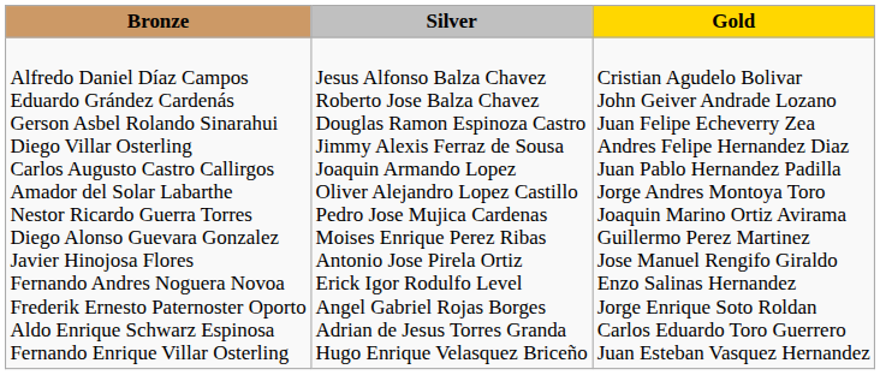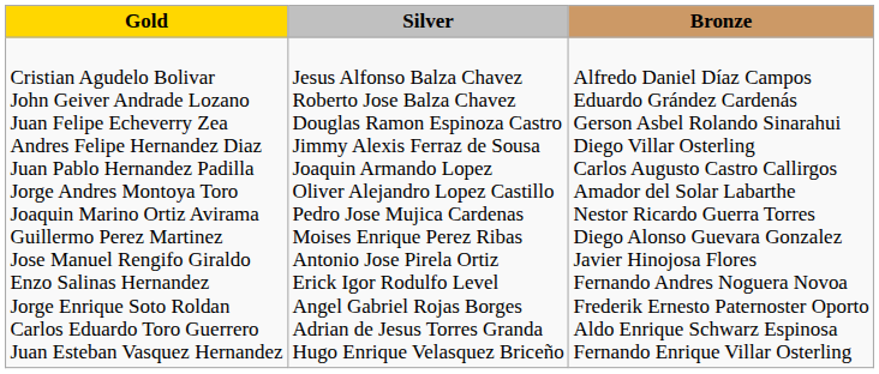 <table class="wikitable">
 <tr style="text-align:center;">
+<td style="background:gold;"><strong>Gold</strong></td>
+<td style="background:silver;"><strong>Silver</strong></td>
 <td style="background:#c96;"><strong>Bronze</strong></td>
-<td style="background:silver;"><strong>Silver</strong></td>
-<td style="background:gold;"><strong>Gold</strong></td>
 </tr>
 <tr valign="top">
+<td><br>Cristian Agudelo Bolivar<br>John Geiver Andrade Lozano<br>Juan Felipe Echeverry Zea<br>Andres Felipe Hernandez Diaz<br>Juan Pablo Hernandez Padilla<br>Jorge Andres Montoya Toro<br>Joaquin Marino Ortiz Avirama<br>Guillermo Perez Martinez<br>Jose Manuel Rengifo Giraldo<br>Enzo Salinas Hernandez<br>Jorge Enrique Soto Roldan<br>Carlos Eduardo Toro Guerrero<br>Juan Esteban Vasquez Hernandez</td>
+<td><br>Jesus Alfonso Balza Chavez<br>Roberto Jose Balza Chavez<br>Douglas Ramon Espinoza Castro<br>Jimmy Alexis Ferraz de Sousa<br>Joaquin Armando Lopez<br>Oliver Alejandro Lopez Castillo<br>Pedro Jose Mujica Cardenas<br>Moises Enrique Perez Ribas<br>Antonio Jose Pirela Ortiz<br>Erick Igor Rodulfo Level<br>Angel Gabriel Rojas Borges<br>Adrian de Jesus Torres Granda<br>Hugo Enrique Velasquez Briceño</td>
 <td><br>Alfredo Daniel Díaz Campos<br>Eduardo Grández Cardenás<br>Gerson Asbel Rolando Sinarahui<br>Diego Villar Osterling<br>Carlos Augusto Castro Callirgos<br>Amador del Solar Labarthe<br>Nestor Ricardo Guerra Torres<br>Diego Alonso Guevara Gonzalez<br>Javier Hinojosa Flores<br>Fernando Andres Noguera Novoa<br>Frederik Ernesto Paternoster Oporto<br>Aldo Enrique Schwarz Espinosa<br>Fernando Enrique Villar Osterling</td>
-<td><br>Jesus Alfonso Balza Chavez<br>Roberto Jose Balza Chavez<br>Douglas Ramon Espinoza Castro<br>Jimmy Alexis Ferraz de Sousa<br>Joaquin Armando Lopez<br>Oliver Alejandro Lopez Castillo<br>Pedro Jose Mujica Cardenas<br>Moises Enrique Perez Ribas<br>Antonio Jose Pirela Ortiz<br>Erick Igor Rodulfo Level<br>Angel Gabriel Rojas Borges<br>Adrian de Jesus Torres Granda<br>Hugo Enrique Velasquez Briceño</td>
-<td><br>Cristian Agudelo Bolivar<br>John Geiver Andrade Lozano<br>Juan Felipe Echeverry Zea<br>Andres Felipe Hernandez Diaz<br>Juan Pablo Hernandez Padilla<br>Jorge Andres Montoya Toro<br>Joaquin Marino Ortiz Avirama<br>Guillermo Perez Martinez<br>Jose Manuel Rengifo Giraldo<br>Enzo Salinas Hernandez<br>Jorge Enrique Soto Roldan<br>Carlos Eduardo Toro Guerrero<br>Juan Esteban Vasquez Hernandez</td>
 </tr>
 </table>
